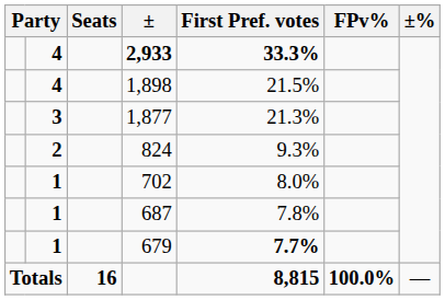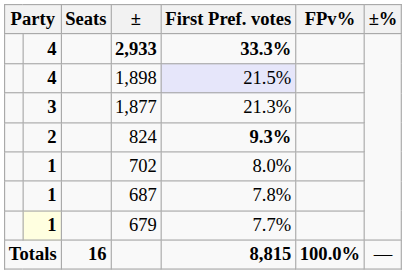 <table class=wikitable>
 <tr>
 <th colspan=2 align=center>Party</th>
 <th valign=top>Seats</th>
 <th valign=top>±</th>
 <th valign=top>First Pref. votes</th>
 <th valign=top>FPv%</th>
 <th valign=top>±%</th>
 </tr>
 <tr>
 <td></td>
 <td align=right><strong>4</strong></td>
 <td align=right></td>
 <td align=right><strong>2,933</strong></td>
 <td align=right><strong>33.3%</strong></td>
 <td align=right></td>
 </tr>
 <tr>
 <td></td>
 <td align=right><strong>4</strong></td>
 <td align=right></td>
 <td align=right>1,898</td>
-<td align=right>21.5%</td>
+<td align=right style="background: lavender;">21.5%</td>
 <td align=right></td>
 </tr>
 <tr>
 <td></td>
 <td align=right><strong>3</strong></td>
 <td align=right></td>
 <td align=right>1,877</td>
 <td align=right>21.3%</td>
 <td align=right></td>
 </tr>
 <tr>
 <td></td>
 <td align=right><strong>2</strong></td>
 <td align=right></td>
 <td align=right>824</td>
-<td align=right>9.3%</td>
+<td align=right><strong>9.3%</strong></td>
 <td align=right></td>
 </tr>
 <tr>
 <td></td>
 <td align=right><strong>1</strong></td>
 <td align=right></td>
 <td align=right>702</td>
 <td align=right>8.0%</td>
 <td align=right></td>
 </tr>
 <tr>
 <td></td>
 <td align=right><strong>1</strong></td>
 <td align=right></td>
 <td align=right>687</td>
 <td align=right>7.8%</td>
 <td align=right></td>
 </tr>
 <tr>
 <td></td>
-<td align=right><strong>1</strong></td>
+<td align=right style="background: lightyellow;"><strong>1</strong></td>
 <td align=right></td>
 <td align=right>679</td>
-<td align=right><strong>7.7%</strong></td>
+<td align=right>7.7%</td>
 <td align=right></td>
 </tr>
 <tr>
 <td colspan=2 align=center><strong>Totals</strong></td>
 <td align=right><strong>16</strong></td>
 <td align=center></td>
 <td align=right><strong>8,815</strong></td>
 <td align=center><strong>100.0%</strong></td>
 <td align=center>—</td>
 </tr>
 </table>
